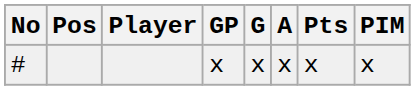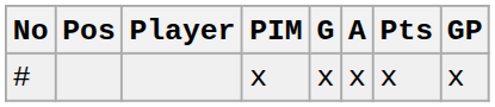 <table class="wikitable sortable">
 <tr>
 <th>No</th>
 <th>Pos</th>
 <th>Player</th>
-<th>GP</th>
+<th>PIM</th>
 <th>G</th>
 <th>A</th>
 <th>Pts</th>
-<th>PIM</th>
+<th>GP</th>
 </tr>
 <tr bgcolor="#f0f0f0">
 <td>#</td>
 <td></td>
 <td align="left"></td>
 <td>x</td>
 <td>x</td>
 <td>x</td>
 <td>x</td>
 <td>x</td>
 </tr>
 </table>
